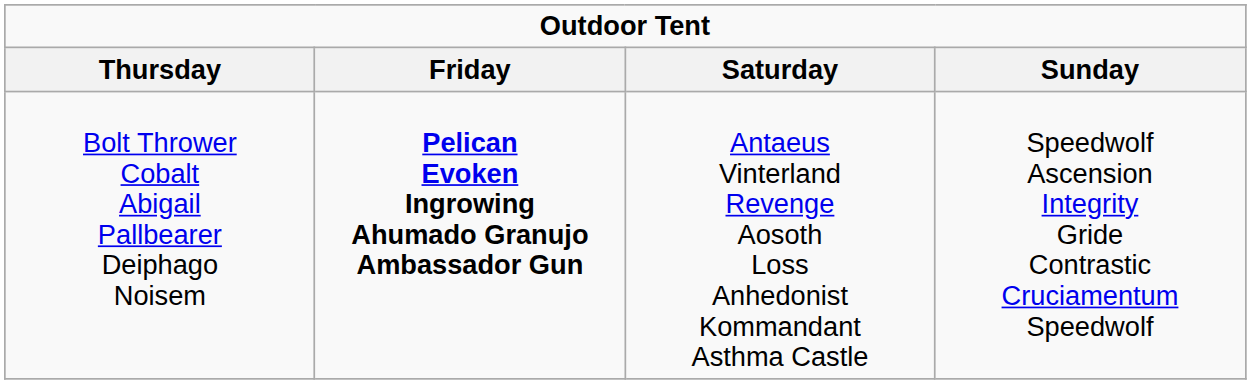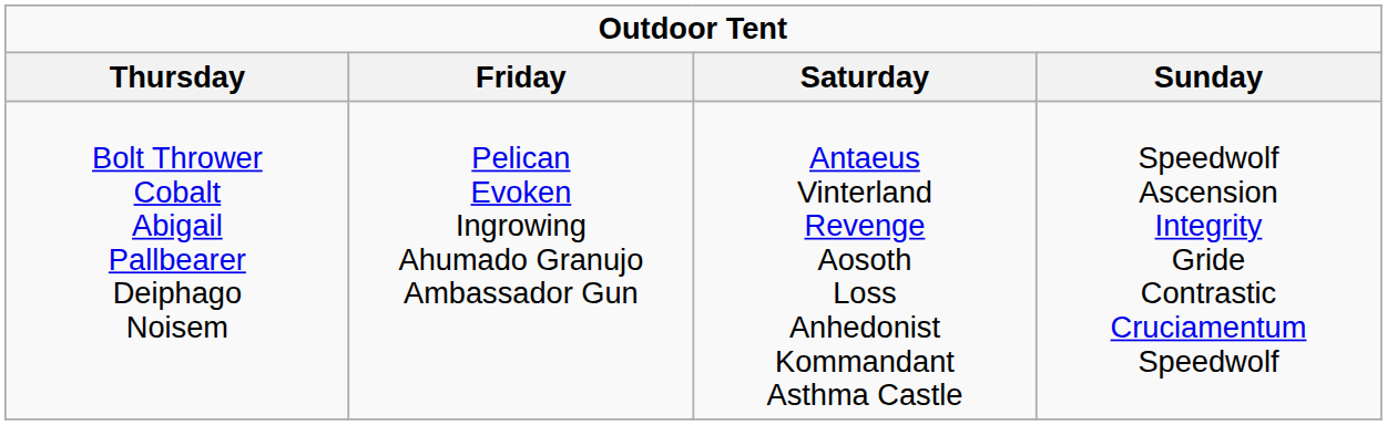 <table class="wikitable">
 <tr>
 <td colspan="4" align="center"><strong>Outdoor Tent</strong></td>
 </tr>
 <tr>
 <th>Thursday</th>
 <th>Friday</th>
 <th>Saturday</th>
 <th>Sunday</th>
 </tr>
 <tr>
 <td valign="top" align="center" width=175><br><a href='#'>Bolt Thrower</a><br> <a href='#'>Cobalt</a><br> <a href='#'>Abigail</a><br> <a href='#'>Pallbearer</a><br> Deiphago<br> Noisem</td>
-<td valign="top" align="center" width=175><strong><br><a href='#'>Pelican</a><br> <a href='#'>Evoken</a><br> Ingrowing<br> Ahumado Granujo<br> Ambassador Gun</strong></td>
+<td valign="top" align="center" width=175><br><a href='#'>Pelican</a><br> <a href='#'>Evoken</a><br> Ingrowing<br> Ahumado Granujo<br> Ambassador Gun</td>
 <td valign="top" align="center" width=175><br><a href='#'>Antaeus</a><br> Vinterland<br> <a href='#'>Revenge</a><br> Aosoth<br> Loss<br> Anhedonist<br> Kommandant<br> Asthma Castle</td>
 <td valign="top" align="center" width=175><br>Speedwolf<br> Ascension<br> <a href='#'>Integrity</a><br> Gride<br> Contrastic<br> <a href='#'>Cruciamentum</a><br> Speedwolf</td>
 </tr>
 </table>
